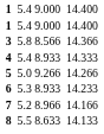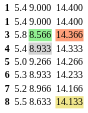 <table>
 <tr>
 <th scope=row style="text-align:center">1</th>
 <td align=left></td>
 <td>5.4</td>
 <td>9.000</td>
 <td></td>
 <td>14.400</td>
 </tr>
 <tr>
 <th scope=row style="text-align:center">1</th>
 <td align=left></td>
 <td>5.4</td>
 <td>9.000</td>
 <td></td>
 <td>14.400</td>
 </tr>
 <tr>
 <th scope=row style="text-align:center">3</th>
 <td align=left></td>
 <td>5.8</td>
-<td>8.566</td>
+<td style="background: lightgreen;">8.566</td>
 <td></td>
-<td>14.366</td>
+<td style="background: lightsalmon;">14.366</td>
 </tr>
 <tr>
 <th scope=row style="text-align:center">4</th>
 <td align=left></td>
 <td>5.4</td>
-<td>8.933</td>
+<td style="background: lightgrey;">8.933</td>
 <td></td>
 <td>14.333</td>
 </tr>
 <tr>
 <th scope=row style="text-align:center">5</th>
 <td align=left></td>
 <td>5.0</td>
 <td>9.266</td>
 <td></td>
 <td>14.266</td>
 </tr>
 <tr>
 <th scope=row style="text-align:center">6</th>
 <td align=left></td>
 <td>5.3</td>
 <td>8.933</td>
 <td></td>
 <td>14.233</td>
 </tr>
 <tr>
 <th scope=row style="text-align:center">7</th>
 <td align=left></td>
 <td>5.2</td>
 <td>8.966</td>
 <td></td>
 <td>14.166</td>
 </tr>
 <tr>
 <th scope=row style="text-align:center">8</th>
 <td align=left></td>
 <td>5.5</td>
 <td>8.633</td>
 <td></td>
-<td>14.133</td>
+<td style="background: khaki;">14.133</td>
 </tr>
 </table>
